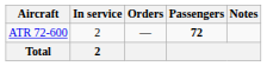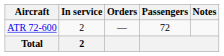 <table class="wikitable" style="border-collapse:collapse;text-align:center;margin:auto">
 <tr>
 <th>Aircraft</th>
 <th>In service</th>
 <th>Orders</th>
 <th>Passengers</th>
 <th>Notes</th>
 </tr>
 <tr>
 <td><a href='#'>ATR 72-600</a></td>
 <td>2</td>
 <td>—</td>
-<td><strong>72</strong></td>
+<td>72</td>
 <td></td>
 </tr>
 <tr>
 <th>Total</th>
 <th>2</th>
 <th></th>
 <th colspan="2"></th>
 </tr>
 </table>
